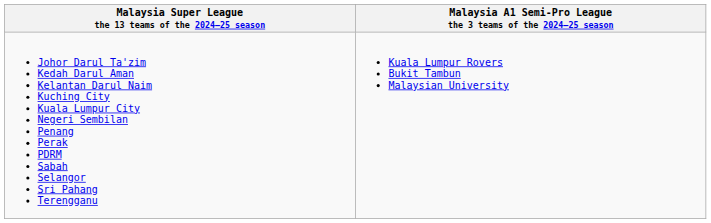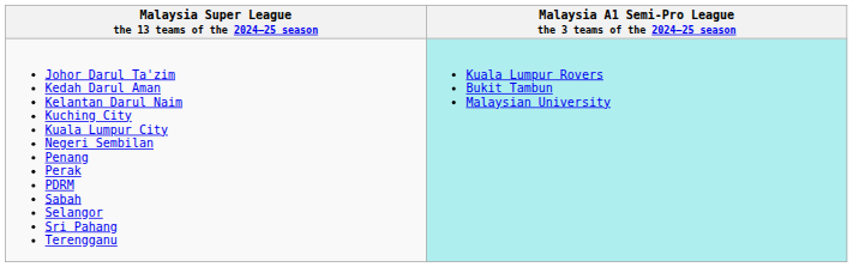 <table class="wikitable">
 <tr>
 <th style="width:25%">Malaysia Super League<br><small>the 13 teams of the <a href='#'>2024–25 season</a></small></th>
 <th style="width:25%">Malaysia A1 Semi-Pro League<br><small>the 3 teams of the <a href='#'>2024–25 season</a></small></th>
 </tr>
 <tr style="vertical-align:top">
 <td><br><ul><li><a href='#'>Johor Darul Ta'zim</a></li><li><a href='#'>Kedah Darul Aman</a></li><li><a href='#'>Kelantan Darul Naim</a></li><li><a href='#'>Kuching City</a></li><li><a href='#'>Kuala Lumpur City</a></li><li><a href='#'>Negeri Sembilan</a></li><li><a href='#'>Penang</a></li><li><a href='#'>Perak</a></li><li><a href='#'>PDRM</a></li><li><a href='#'>Sabah</a></li><li><a href='#'>Selangor</a></li><li><a href='#'>Sri Pahang</a></li><li><a href='#'>Terengganu</a></li></ul></td>
-<td><br><ul><li><a href='#'>Kuala Lumpur Rovers</a></li><li><a href='#'>Bukit Tambun</a></li><li><a href='#'>Malaysian University</a></li></ul></td>
+<td style="background: paleturquoise;"><br><ul><li><a href='#'>Kuala Lumpur Rovers</a></li><li><a href='#'>Bukit Tambun</a></li><li><a href='#'>Malaysian University</a></li></ul></td>
 </tr>
 </table>
